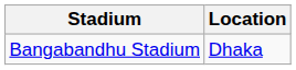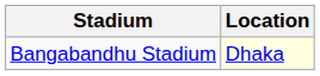 <table class="wikitable">
 <tr>
 <th>Stadium</th>
 <th>Location</th>
 </tr>
 <tr>
 <td><a href='#'>Bangabandhu Stadium</a></td>
-<td><a href='#'>Dhaka</a></td>
+<td style="background: lightyellow;"><a href='#'>Dhaka</a></td>
 </tr>
 </table>
